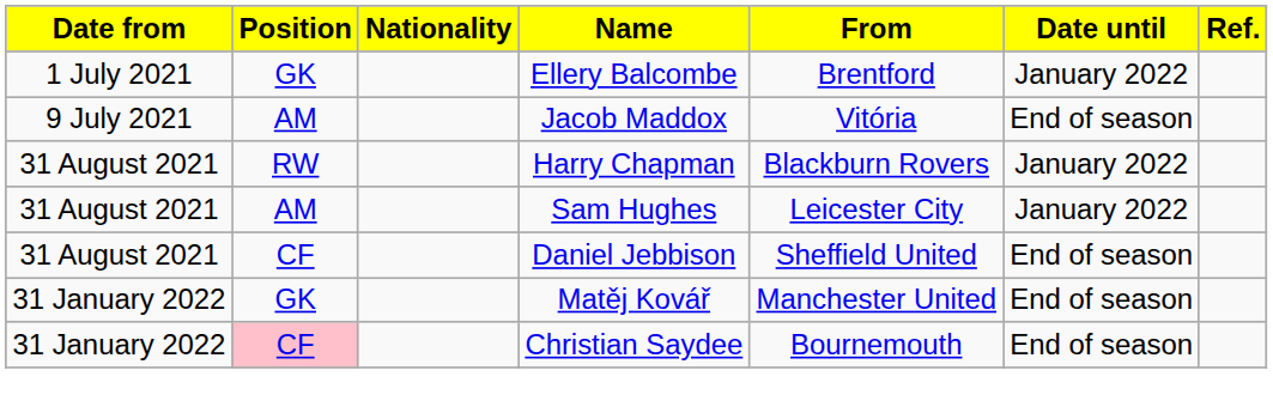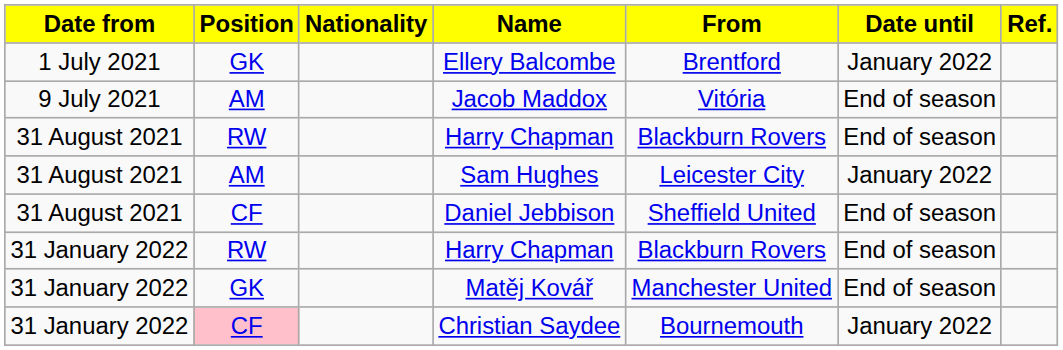 <table class="wikitable"  style="text-align:center; font-size:90%; ">
 <tr>
 <th style="background:yellow;">Date from</th>
 <th style="background:yellow;">Position</th>
 <th style="background:yellow;">Nationality</th>
 <th style="background:yellow;">Name</th>
 <th style="background:yellow;">From</th>
 <th style="background:yellow;">Date until</th>
 <th style="background:yellow;">Ref.</th>
 </tr>
 <tr>
 <td>1 July 2021</td>
 <td><a href='#'>GK</a></td>
 <td></td>
 <td><a href='#'>Ellery Balcombe</a></td>
 <td> <a href='#'>Brentford</a></td>
 <td>January 2022</td>
 <td></td>
 </tr>
 <tr>
 <td>9 July 2021</td>
 <td><a href='#'>AM</a></td>
 <td></td>
 <td><a href='#'>Jacob Maddox</a></td>
 <td> <a href='#'>Vitória</a></td>
 <td>End of season</td>
 <td></td>
 </tr>
 <tr>
 <td>31 August 2021</td>
 <td><a href='#'>RW</a></td>
 <td></td>
 <td><a href='#'>Harry Chapman</a></td>
 <td> <a href='#'>Blackburn Rovers</a></td>
-<td>January 2022</td>
+<td>End of season</td>
 <td></td>
 </tr>
 <tr>
 <td>31 August 2021</td>
 <td><a href='#'>AM</a></td>
 <td></td>
 <td><a href='#'>Sam Hughes</a></td>
 <td> <a href='#'>Leicester City</a></td>
 <td>January 2022</td>
 <td></td>
 </tr>
 <tr>
 <td>31 August 2021</td>
 <td><a href='#'>CF</a></td>
 <td></td>
 <td><a href='#'>Daniel Jebbison</a></td>
 <td> <a href='#'>Sheffield United</a></td>
 <td>End of season</td>
 <td></td>
 </tr>
 <tr>
 <td>31 January 2022</td>
+<td><a href='#'>RW</a></td>
+<td></td>
+<td><a href='#'>Harry Chapman</a></td>
+<td> <a href='#'>Blackburn Rovers</a></td>
+<td>End of season</td>
+<td></td>
+</tr>
+<tr>
+<td>31 January 2022</td>
 <td><a href='#'>GK</a></td>
 <td></td>
 <td><a href='#'>Matěj Kovář</a></td>
 <td> <a href='#'>Manchester United</a></td>
 <td>End of season</td>
 <td></td>
 </tr>
 <tr>
 <td>31 January 2022</td>
 <td style="background: pink;"><a href='#'>CF</a></td>
 <td></td>
 <td><a href='#'>Christian Saydee</a></td>
 <td> <a href='#'>Bournemouth</a></td>
-<td>End of season</td>
+<td>January 2022</td>
 <td></td>
 </tr>
 </table>
